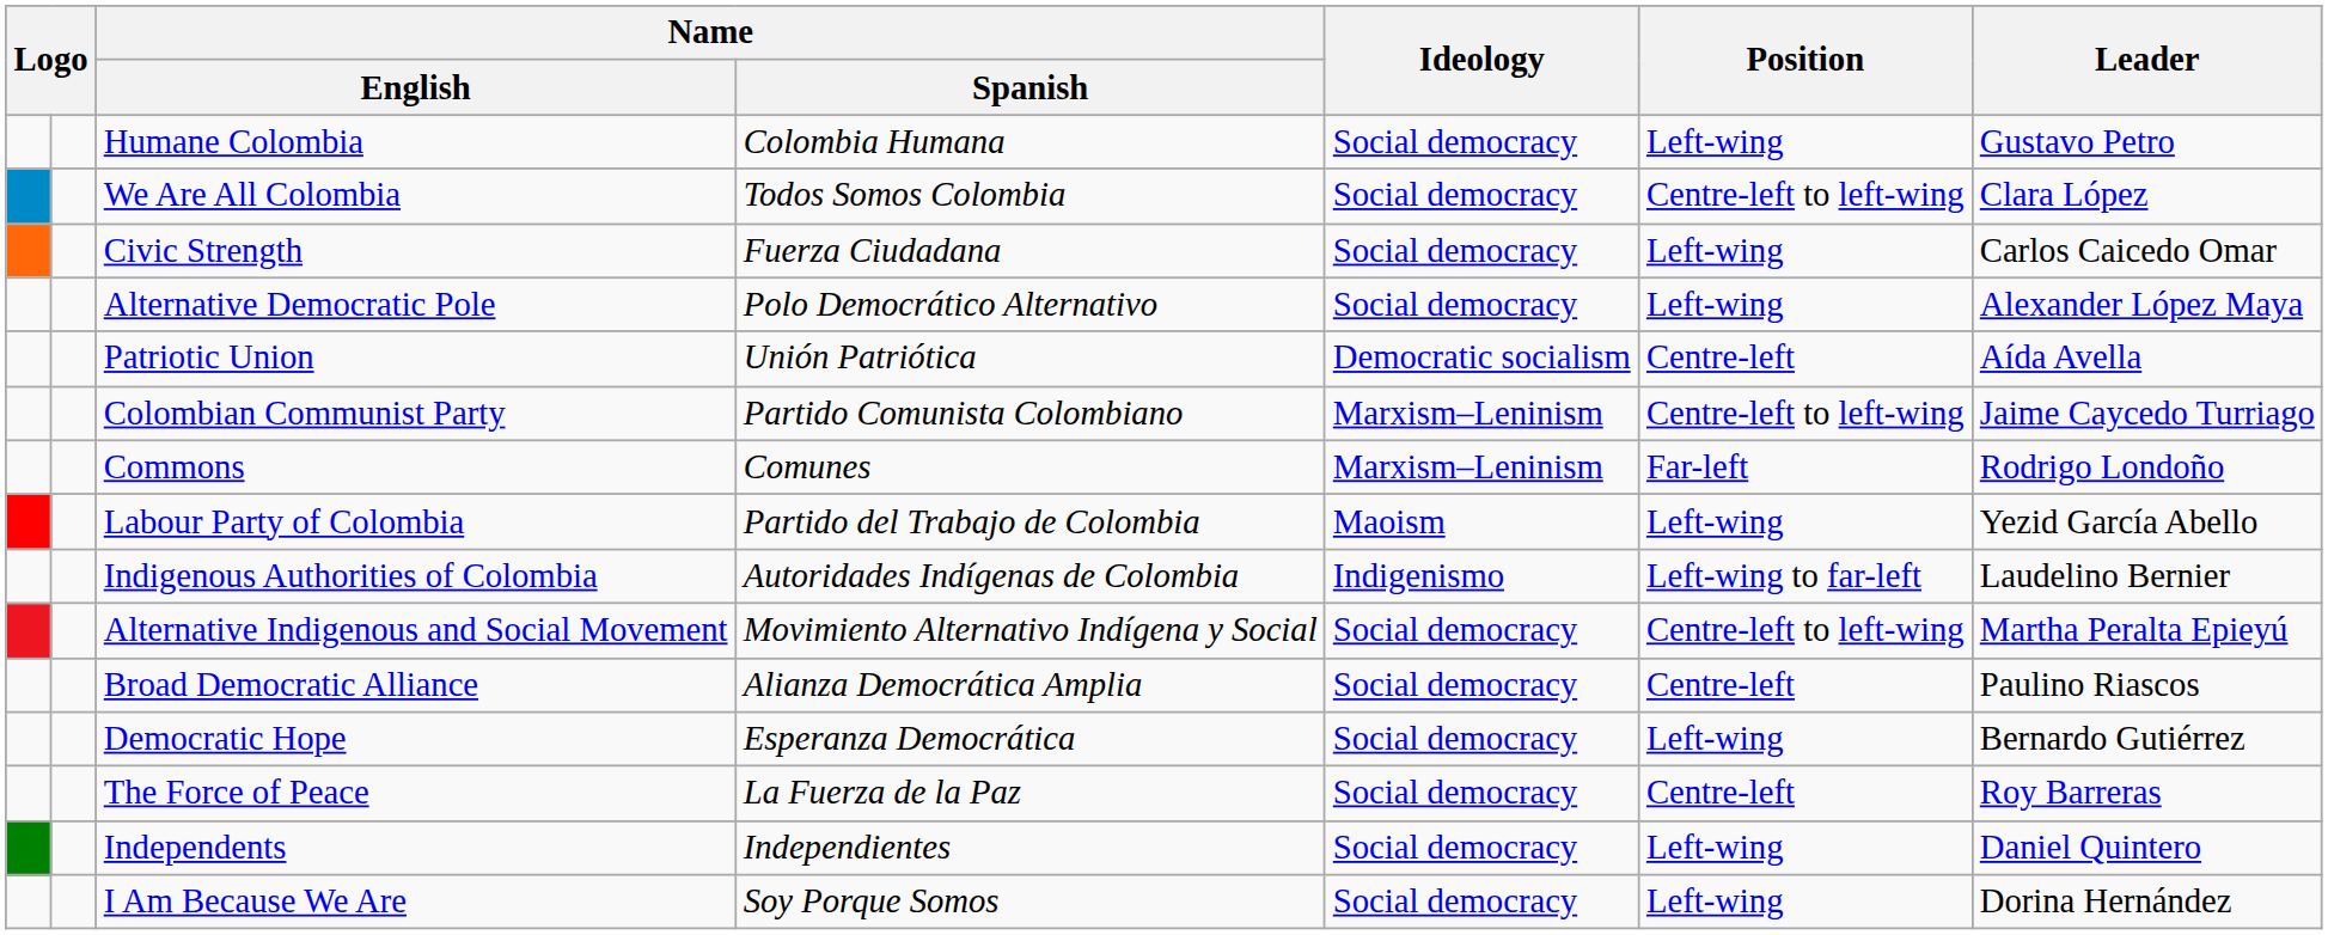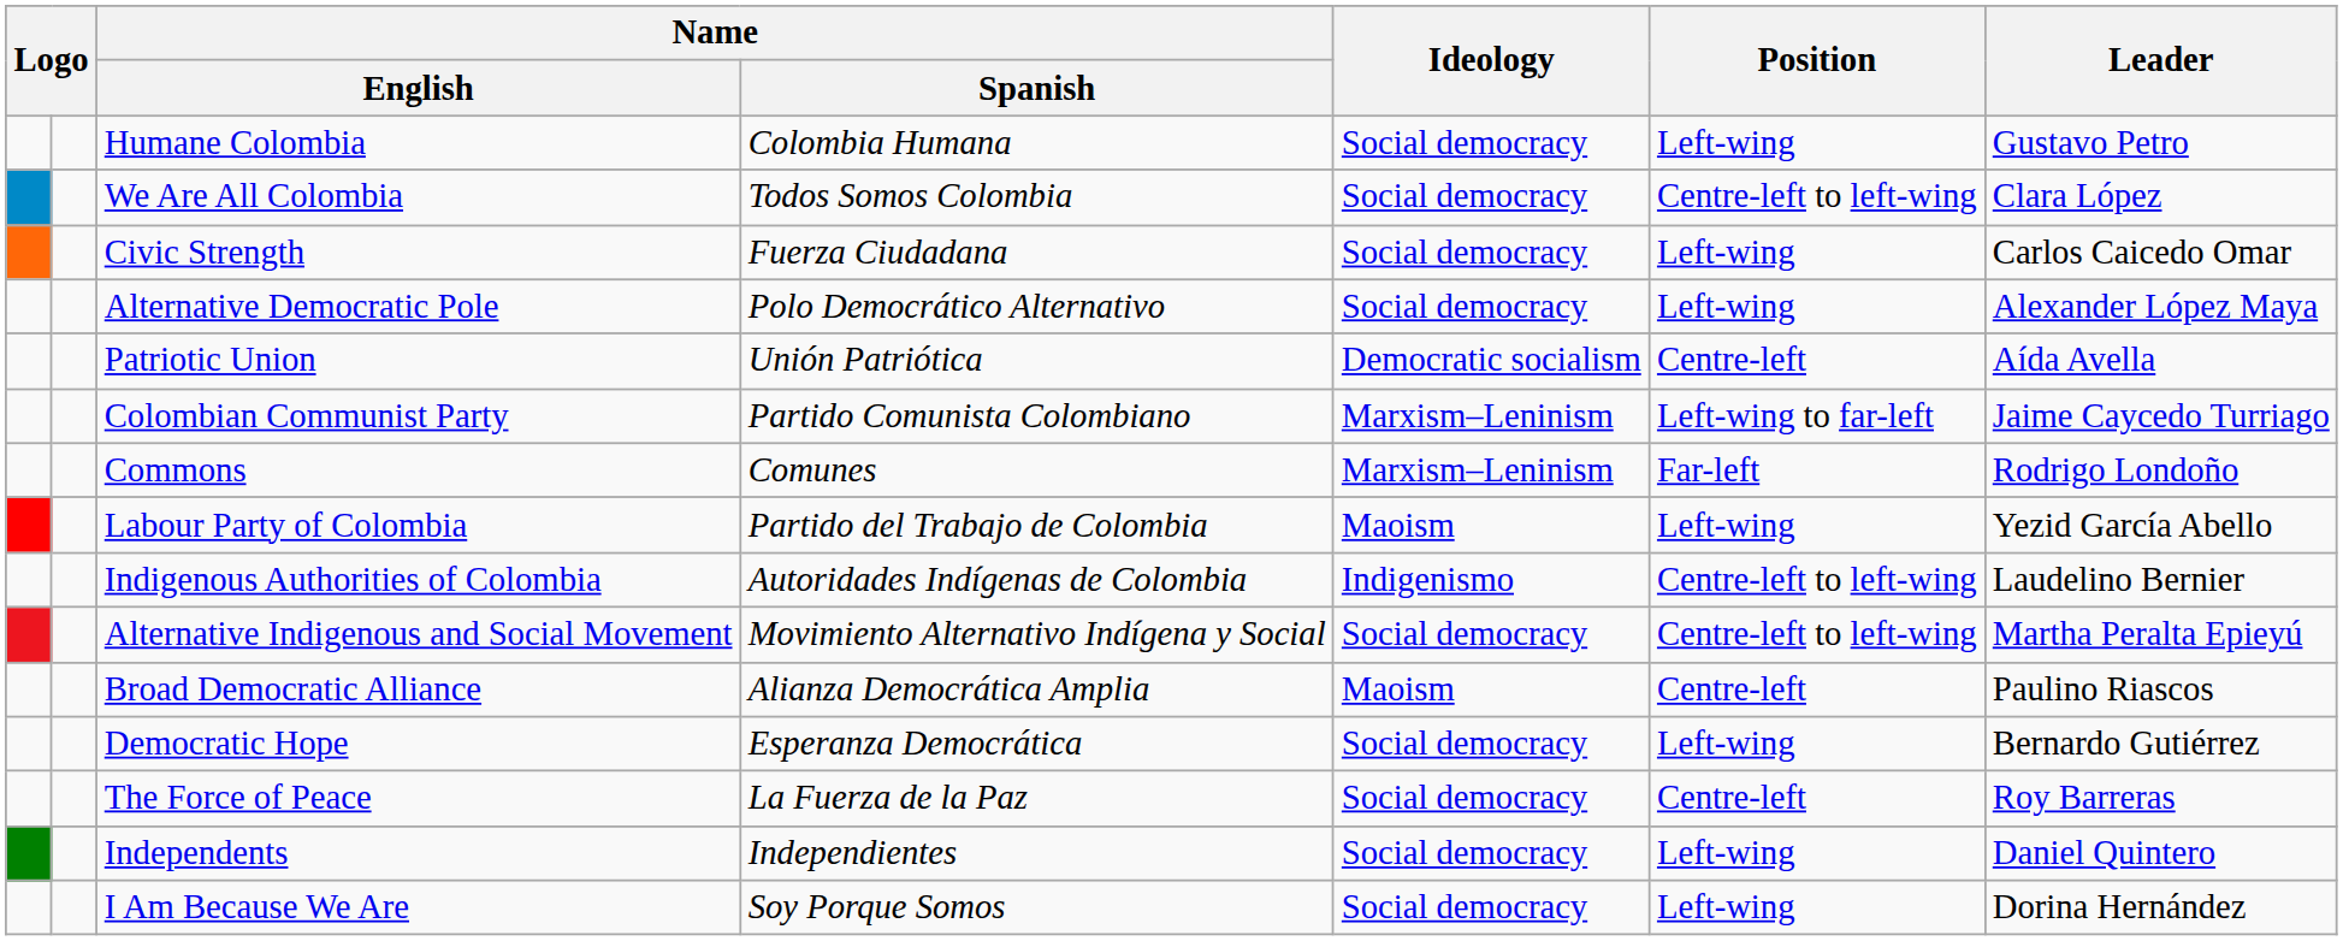 <table class="wikitable sortable">
 <tr>
 <th colspan=2 rowspan=2>Logo</th>
 <th colspan=2>Name</th>
 <th rowspan=2>Ideology</th>
 <th rowspan=2>Position</th>
 <th rowspan=2>Leader</th>
 </tr>
 <tr>
 <th scope="col">English</th>
 <th scope="col">Spanish</th>
 </tr>
 <tr>
 <td style="background:"></td>
 <td></td>
 <td><a href='#'>Humane Colombia</a></td>
 <td><em>Colombia Humana</em></td>
 <td><a href='#'>Social democracy</a></td>
 <td><a href='#'>Left-wing</a></td>
 <td><a href='#'>Gustavo Petro</a></td>
 </tr>
 <tr>
 <td style="background:#0089C7;"></td>
 <td></td>
 <td><a href='#'>We Are All Colombia</a></td>
 <td><em>Todos Somos Colombia</em></td>
 <td><a href='#'>Social democracy</a></td>
 <td><a href='#'>Centre-left</a> to <a href='#'>left-wing</a></td>
 <td><a href='#'>Clara López</a></td>
 </tr>
 <tr>
 <td style="background:#FF6708;"></td>
 <td></td>
 <td><a href='#'>Civic Strength</a></td>
 <td><em>Fuerza Ciudadana</em></td>
 <td><a href='#'>Social democracy</a></td>
 <td><a href='#'>Left-wing</a></td>
 <td>Carlos Caicedo Omar</td>
 </tr>
 <tr>
 <td style="background:"></td>
 <td></td>
 <td><a href='#'>Alternative Democratic Pole</a></td>
 <td><em>Polo Democrático Alternativo</em></td>
 <td><a href='#'>Social democracy</a></td>
 <td><a href='#'>Left-wing</a></td>
 <td><a href='#'>Alexander López Maya</a></td>
 </tr>
 <tr>
 <td style="background:"></td>
 <td></td>
 <td><a href='#'>Patriotic Union</a></td>
 <td><em>Unión Patriótica</em></td>
 <td><a href='#'>Democratic socialism</a></td>
 <td><a href='#'>Centre-left</a></td>
 <td><a href='#'>Aída Avella</a></td>
 </tr>
 <tr>
 <td style="background:"></td>
 <td></td>
 <td><a href='#'>Colombian Communist Party</a></td>
 <td><em>Partido Comunista Colombiano</em></td>
 <td><a href='#'>Marxism–Leninism</a></td>
-<td><a href='#'>Centre-left</a> to <a href='#'>left-wing</a></td>
+<td><a href='#'>Left-wing</a> to <a href='#'>far-left</a></td>
 <td><a href='#'>Jaime Caycedo Turriago</a></td>
 </tr>
 <tr>
 <td style="background:"></td>
 <td></td>
 <td><a href='#'>Commons</a></td>
 <td><em>Comunes</em></td>
 <td><a href='#'>Marxism–Leninism</a></td>
 <td><a href='#'>Far-left</a></td>
 <td><a href='#'>Rodrigo Londoño</a></td>
 </tr>
 <tr>
 <td style="background:#FF0000;"></td>
 <td></td>
 <td><a href='#'>Labour Party of Colombia</a></td>
 <td><em>Partido del Trabajo de Colombia</em></td>
 <td><a href='#'>Maoism</a></td>
 <td><a href='#'>Left-wing</a></td>
 <td>Yezid García Abello</td>
 </tr>
 <tr>
 <td style="background:"></td>
 <td></td>
 <td><a href='#'>Indigenous Authorities of Colombia</a></td>
 <td><em>Autoridades Indígenas de Colombia</em></td>
 <td><a href='#'>Indigenismo</a></td>
-<td><a href='#'>Left-wing</a> to <a href='#'>far-left</a></td>
+<td><a href='#'>Centre-left</a> to <a href='#'>left-wing</a></td>
 <td>Laudelino Bernier</td>
 </tr>
 <tr>
 <td style="background:#ED151F;"></td>
 <td></td>
 <td><a href='#'>Alternative Indigenous and Social Movement</a></td>
 <td><em>Movimiento Alternativo Indígena y Social</em></td>
 <td><a href='#'>Social democracy</a></td>
 <td><a href='#'>Centre-left</a> to <a href='#'>left-wing</a></td>
 <td><a href='#'>Martha Peralta Epieyú</a></td>
 </tr>
 <tr>
 <td style="background:"></td>
 <td></td>
 <td><a href='#'>Broad Democratic Alliance</a></td>
 <td><em>Alianza Democrática Amplia</em></td>
-<td><a href='#'>Social democracy</a></td>
+<td><a href='#'>Maoism</a></td>
 <td><a href='#'>Centre-left</a></td>
 <td>Paulino Riascos</td>
 </tr>
 <tr>
 <td style="background:"></td>
 <td></td>
 <td><a href='#'>Democratic Hope</a></td>
 <td><em>Esperanza Democrática</em></td>
 <td><a href='#'>Social democracy</a></td>
 <td><a href='#'>Left-wing</a></td>
 <td>Bernardo Gutiérrez</td>
 </tr>
 <tr>
 <td></td>
 <td></td>
 <td><a href='#'>The Force of Peace</a></td>
 <td><em>La Fuerza de la Paz</em></td>
 <td><a href='#'>Social democracy</a></td>
 <td><a href='#'>Centre-left</a></td>
 <td><a href='#'>Roy Barreras</a></td>
 </tr>
 <tr>
 <td style="background:#008000;"></td>
 <td></td>
 <td><a href='#'>Independents</a></td>
 <td><em>Independientes</em></td>
 <td><a href='#'>Social democracy</a></td>
 <td><a href='#'>Left-wing</a></td>
 <td><a href='#'>Daniel Quintero</a></td>
 </tr>
 <tr>
 <td style="background:"></td>
 <td></td>
 <td><a href='#'>I Am Because We Are</a></td>
 <td><em>Soy Porque Somos</em></td>
 <td><a href='#'>Social democracy</a></td>
 <td><a href='#'>Left-wing</a></td>
 <td>Dorina Hernández</td>
 </tr>
 </table>
